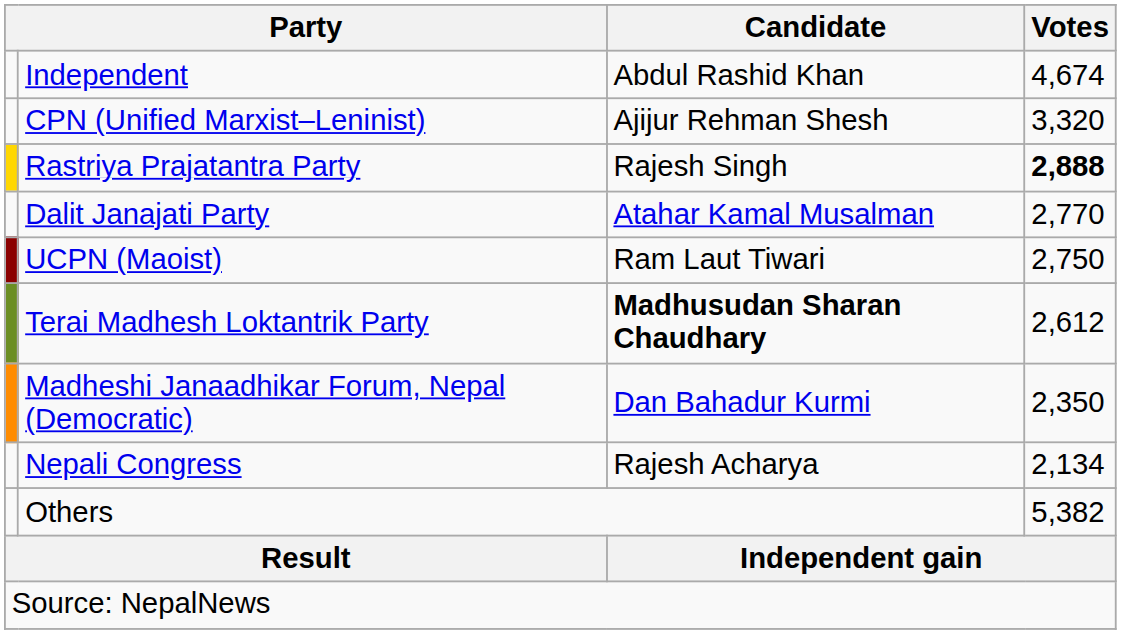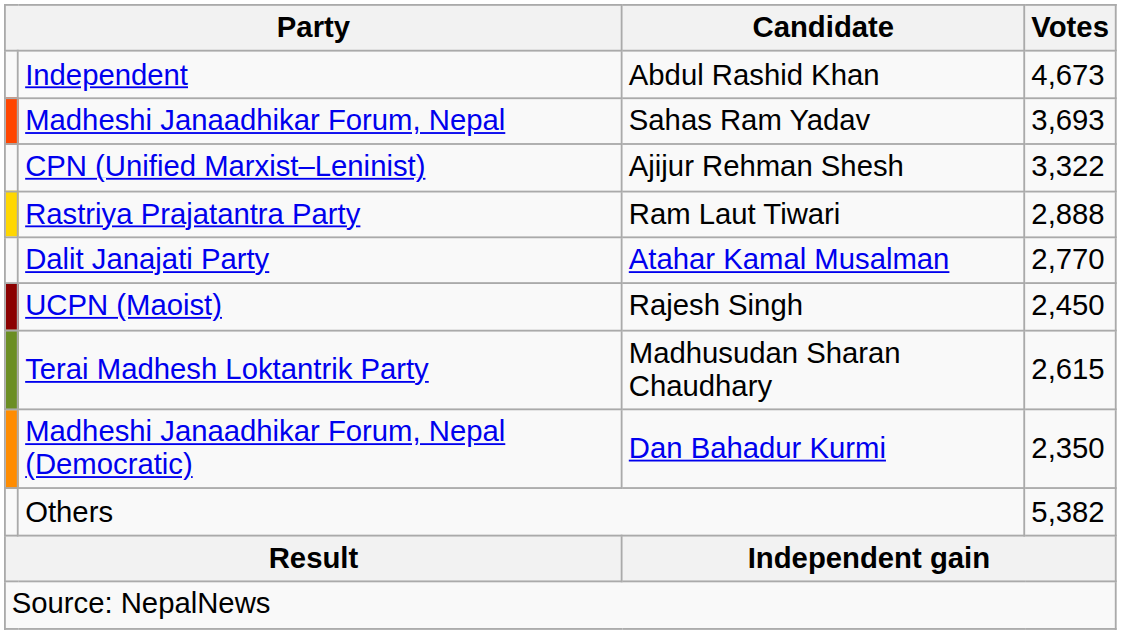 <table class="wikitable">
 <tr>
 <th colspan="2">Party</th>
 <th>Candidate</th>
 <th>Votes</th>
 </tr>
 <tr>
 <td style="background-color:"></td>
 <td><a href='#'>Independent</a></td>
 <td>Abdul Rashid Khan</td>
-<td>4,674</td>
+<td>4,673</td>
+</tr>
+<tr>
+<td style="background-color:orangered"></td>
+<td><a href='#'>Madheshi Janaadhikar Forum, Nepal</a></td>
+<td>Sahas Ram Yadav</td>
+<td>3,693</td>
 </tr>
 <tr>
 <td style="background-color:"></td>
 <td><a href='#'>CPN (Unified Marxist–Leninist)</a></td>
 <td>Ajijur Rehman Shesh</td>
-<td>3,320</td>
+<td>3,322</td>
 </tr>
 <tr>
 <td style="background-color:gold"></td>
 <td><a href='#'>Rastriya Prajatantra Party</a></td>
-<td>Rajesh Singh</td>
-<td><strong>2,888</strong></td>
+<td>Ram Laut Tiwari</td>
+<td>2,888</td>
 </tr>
 <tr>
 <td></td>
 <td><a href='#'>Dalit Janajati Party</a></td>
 <td><a href='#'>Atahar Kamal Musalman</a></td>
 <td>2,770</td>
 </tr>
 <tr>
 <td style="background-color:darkred"></td>
 <td><a href='#'>UCPN (Maoist)</a></td>
-<td>Ram Laut Tiwari</td>
-<td>2,750</td>
+<td>Rajesh Singh</td>
+<td>2,450</td>
 </tr>
 <tr>
 <td style="background-color:olivedrab"></td>
 <td><a href='#'>Terai Madhesh Loktantrik Party</a></td>
-<td><strong>Madhusudan Sharan Chaudhary</strong></td>
-<td>2,612</td>
+<td>Madhusudan Sharan Chaudhary</td>
+<td>2,615</td>
 </tr>
 <tr>
 <td style="background-color:darkorange"></td>
 <td><a href='#'>Madheshi Janaadhikar Forum, Nepal (Democratic)</a></td>
 <td><a href='#'>Dan Bahadur Kurmi</a></td>
 <td>2,350</td>
-</tr>
-<tr>
-<td style="background-color:"></td>
-<td><a href='#'>Nepali Congress</a></td>
-<td>Rajesh Acharya</td>
-<td>2,134</td>
 </tr>
 <tr>
 <td></td>
 <td colspan="2">Others</td>
 <td>5,382</td>
 </tr>
 <tr>
 <th colspan="2">Result</th>
 <th colspan="2">Independent gain</th>
 </tr>
 <tr>
 <td colspan="4">Source: NepalNews</td>
 </tr>
 </table>
